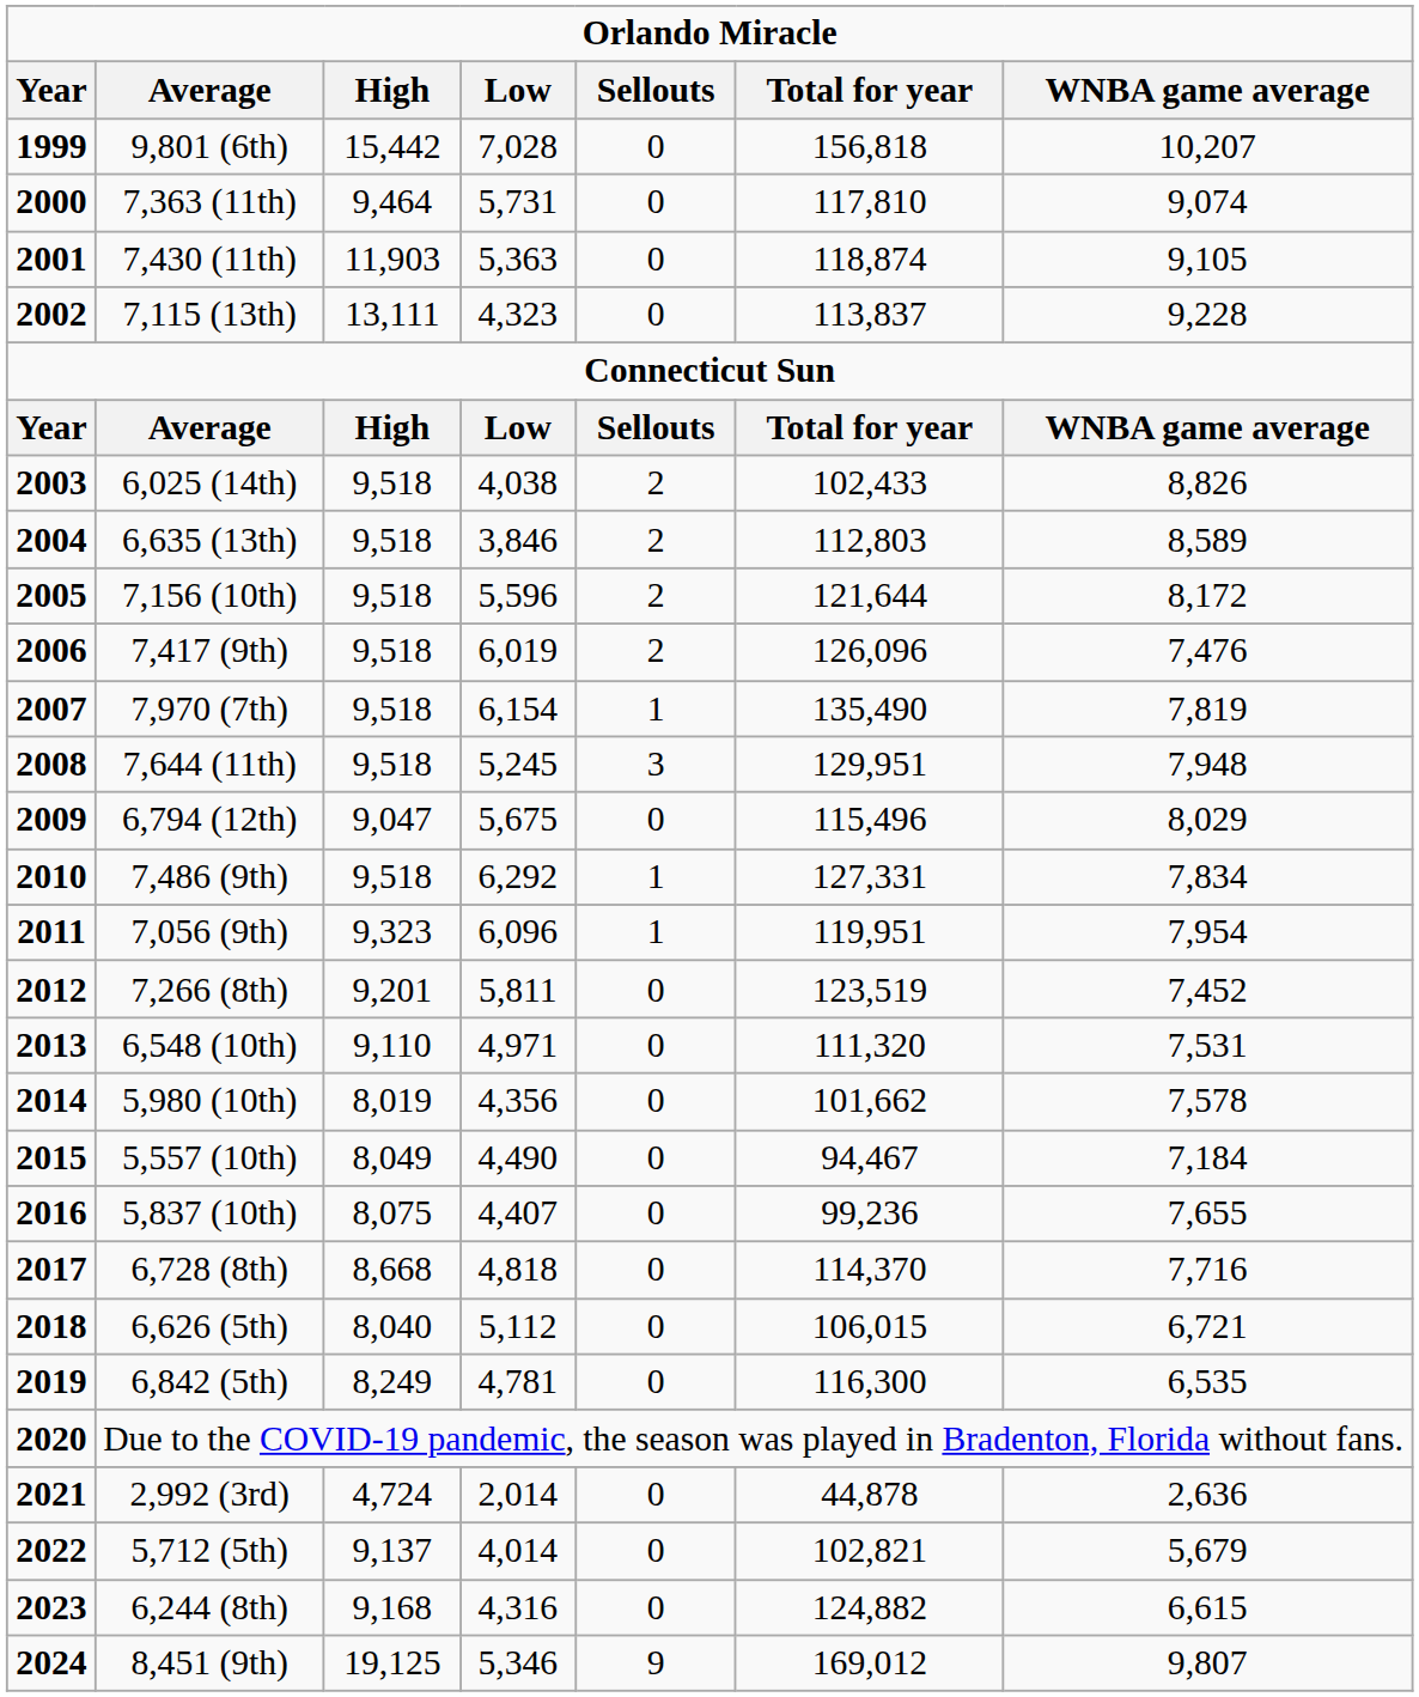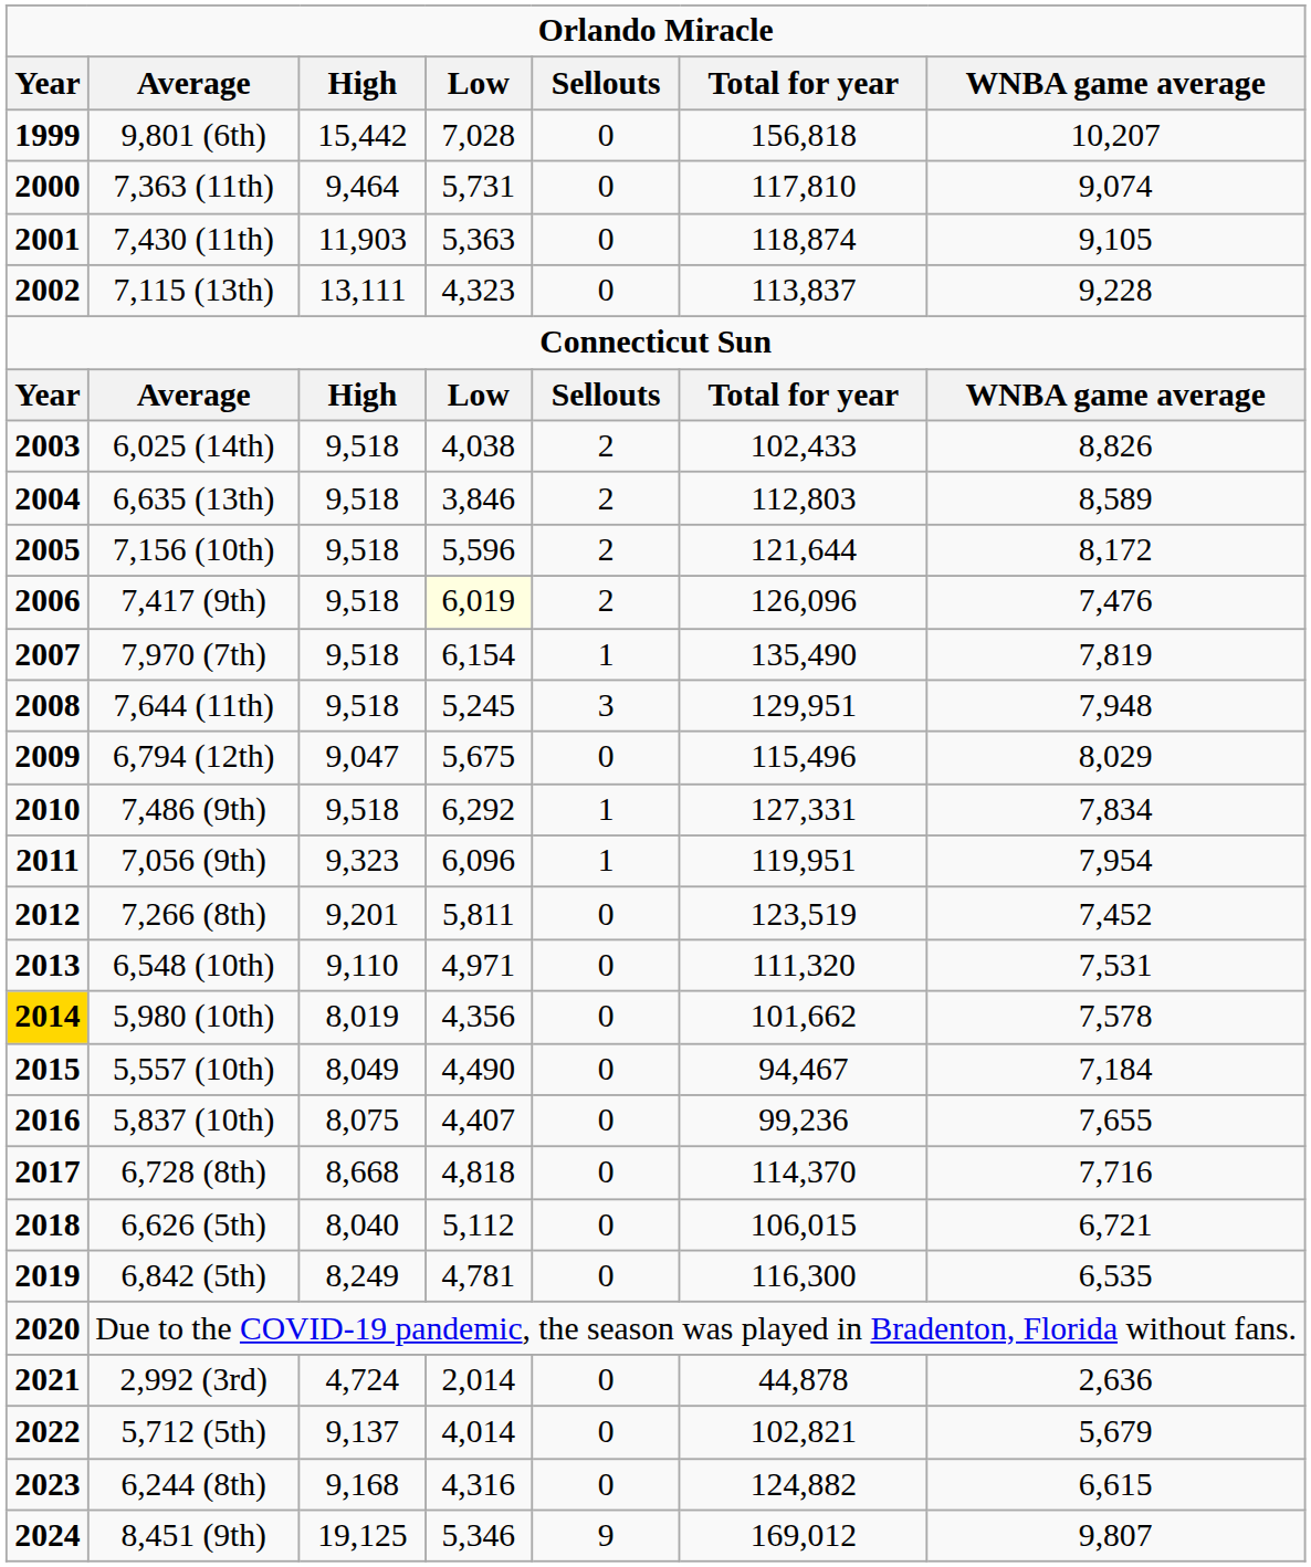 <table class="wikitable" style="text-align:center; margin:0.5em auto;">
 <tr>
 <td colspan=8><strong>Orlando Miracle</strong></td>
 </tr>
 <tr>
 <th>Year</th>
 <th>Average</th>
 <th>High</th>
 <th>Low</th>
 <th>Sellouts</th>
 <th>Total for year</th>
 <th>WNBA game average</th>
 </tr>
 <tr>
 <td><strong>1999</strong></td>
 <td>9,801 (6th)</td>
 <td>15,442</td>
 <td>7,028</td>
 <td>0</td>
 <td>156,818</td>
 <td>10,207</td>
 </tr>
 <tr>
 <td><strong>2000</strong></td>
 <td>7,363 (11th)</td>
 <td>9,464</td>
 <td>5,731</td>
 <td>0</td>
 <td>117,810</td>
 <td>9,074</td>
 </tr>
 <tr>
 <td><strong>2001</strong></td>
 <td>7,430 (11th)</td>
 <td>11,903</td>
 <td>5,363</td>
 <td>0</td>
 <td>118,874</td>
 <td>9,105</td>
 </tr>
 <tr>
 <td><strong>2002</strong></td>
 <td>7,115 (13th)</td>
 <td>13,111</td>
 <td>4,323</td>
 <td>0</td>
 <td>113,837</td>
 <td>9,228</td>
 </tr>
 <tr>
 <td colspan=8><strong>Connecticut Sun</strong></td>
 </tr>
 <tr>
 <th>Year</th>
 <th>Average</th>
 <th>High</th>
 <th>Low</th>
 <th>Sellouts</th>
 <th>Total for year</th>
 <th>WNBA game average</th>
 </tr>
 <tr>
 <td><strong>2003</strong></td>
 <td>6,025 (14th)</td>
 <td>9,518</td>
 <td>4,038</td>
 <td>2</td>
 <td>102,433</td>
 <td>8,826</td>
 </tr>
 <tr>
 <td><strong>2004</strong></td>
 <td>6,635 (13th)</td>
 <td>9,518</td>
 <td>3,846</td>
 <td>2</td>
 <td>112,803</td>
 <td>8,589</td>
 </tr>
 <tr>
 <td><strong>2005</strong></td>
 <td>7,156 (10th)</td>
 <td>9,518</td>
 <td>5,596</td>
 <td>2</td>
 <td>121,644</td>
 <td>8,172</td>
 </tr>
 <tr>
 <td><strong>2006</strong></td>
 <td>7,417 (9th)</td>
 <td>9,518</td>
-<td>6,019</td>
+<td style="background: lightyellow;">6,019</td>
 <td>2</td>
 <td>126,096</td>
 <td>7,476</td>
 </tr>
 <tr>
 <td><strong>2007</strong></td>
 <td>7,970 (7th)</td>
 <td>9,518</td>
 <td>6,154</td>
 <td>1</td>
 <td>135,490</td>
 <td>7,819</td>
 </tr>
 <tr>
 <td><strong>2008</strong></td>
 <td>7,644 (11th)</td>
 <td>9,518</td>
 <td>5,245</td>
 <td>3</td>
 <td>129,951</td>
 <td>7,948</td>
 </tr>
 <tr>
 <td><strong>2009</strong></td>
 <td>6,794 (12th)</td>
 <td>9,047</td>
 <td>5,675</td>
 <td>0</td>
 <td>115,496</td>
 <td>8,029</td>
 </tr>
 <tr>
 <td><strong>2010</strong></td>
 <td>7,486 (9th)</td>
 <td>9,518</td>
 <td>6,292</td>
 <td>1</td>
 <td>127,331</td>
 <td>7,834</td>
 </tr>
 <tr>
 <td><strong>2011</strong></td>
 <td>7,056 (9th)</td>
 <td>9,323</td>
 <td>6,096</td>
 <td>1</td>
 <td>119,951</td>
 <td>7,954</td>
 </tr>
 <tr>
 <td><strong>2012</strong></td>
 <td>7,266 (8th)</td>
 <td>9,201</td>
 <td>5,811</td>
 <td>0</td>
 <td>123,519</td>
 <td>7,452</td>
 </tr>
 <tr>
 <td><strong>2013</strong></td>
 <td>6,548 (10th)</td>
 <td>9,110</td>
 <td>4,971</td>
 <td>0</td>
 <td>111,320</td>
 <td>7,531</td>
 </tr>
 <tr>
-<td><strong>2014</strong></td>
+<td style="background: gold;"><strong>2014</strong></td>
 <td>5,980 (10th)</td>
 <td>8,019</td>
 <td>4,356</td>
 <td>0</td>
 <td>101,662</td>
 <td>7,578</td>
 </tr>
 <tr>
 <td><strong>2015</strong></td>
 <td>5,557 (10th)</td>
 <td>8,049</td>
 <td>4,490</td>
 <td>0</td>
 <td>94,467</td>
 <td>7,184</td>
 </tr>
 <tr>
 <td><strong>2016</strong></td>
 <td>5,837 (10th)</td>
 <td>8,075</td>
 <td>4,407</td>
 <td>0</td>
 <td>99,236</td>
 <td>7,655</td>
 </tr>
 <tr>
 <td><strong>2017</strong></td>
 <td>6,728 (8th)</td>
 <td>8,668</td>
 <td>4,818</td>
 <td>0</td>
 <td>114,370</td>
 <td>7,716</td>
 </tr>
 <tr>
 <td><strong>2018</strong></td>
 <td>6,626 (5th)</td>
 <td>8,040</td>
 <td>5,112</td>
 <td>0</td>
 <td>106,015</td>
 <td>6,721</td>
 </tr>
 <tr>
 <td><strong>2019</strong></td>
 <td>6,842 (5th)</td>
 <td>8,249</td>
 <td>4,781</td>
 <td>0</td>
 <td>116,300</td>
 <td>6,535</td>
 </tr>
 <tr>
 <td><strong>2020</strong></td>
 <td colspan=6>Due to the <a href='#'>COVID-19 pandemic</a>, the season was played in <a href='#'>Bradenton, Florida</a> without fans.</td>
 </tr>
 <tr>
 <td><strong>2021</strong></td>
 <td>2,992 (3rd)</td>
 <td>4,724</td>
 <td>2,014</td>
 <td>0</td>
 <td>44,878</td>
 <td>2,636</td>
 </tr>
 <tr>
 <td><strong>2022</strong></td>
 <td>5,712 (5th)</td>
 <td>9,137</td>
 <td>4,014</td>
 <td>0</td>
 <td>102,821</td>
 <td>5,679</td>
 </tr>
 <tr>
 <td><strong>2023</strong></td>
 <td>6,244 (8th)</td>
 <td>9,168</td>
 <td>4,316</td>
 <td>0</td>
 <td>124,882</td>
 <td>6,615</td>
 </tr>
 <tr>
 <td><strong>2024</strong></td>
 <td>8,451 (9th)</td>
 <td>19,125</td>
 <td>5,346</td>
 <td>9</td>
 <td>169,012</td>
 <td>9,807</td>
 </tr>
 </table>
